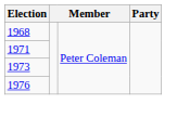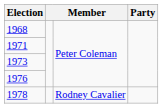 <table class="wikitable">
 <tr>
 <th>Election</th>
 <th colspan="2">Member</th>
 <th>Party</th>
 </tr>
 <tr>
 <td><a href='#'>1968</a></td>
 <td rowspan="4" > </td>
 <td rowspan="4"><a href='#'>Peter Coleman</a></td>
 <td rowspan="4"></td>
 </tr>
 <tr>
 <td><a href='#'>1971</a></td>
 </tr>
 <tr>
 <td><a href='#'>1973</a></td>
 </tr>
 <tr>
 <td><a href='#'>1976</a></td>
 </tr>
+<tr>
+<td><a href='#'>1978</a></td>
+<td> </td>
+<td><a href='#'>Rodney Cavalier</a></td>
+<td></td>
+</tr>
 </table>
